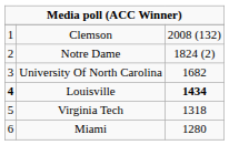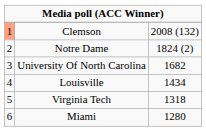 <table class="wikitable" style="display: inline-table;">
 <tr>
 <td align="center" Colspan="3"><strong>Media poll (ACC Winner)</strong></td>
 </tr>
 <tr align="center">
 </tr>
 <tr align="center">
-<td>1</td>
+<td style="background: lightsalmon;">1</td>
 <td>Clemson</td>
 <td>2008 (132)</td>
 </tr>
 <tr align="center">
 <td>2</td>
 <td>Notre Dame</td>
 <td>1824 (2)</td>
 </tr>
 <tr align="center">
 <td>3</td>
 <td>University Of North Carolina</td>
 <td>1682</td>
 </tr>
 <tr align="center">
-<td><strong>4</strong></td>
+<td>4</td>
 <td>Louisville</td>
-<td><strong>1434</strong></td>
+<td>1434</td>
 </tr>
 <tr align="center">
 <td>5</td>
 <td>Virginia Tech</td>
 <td>1318</td>
 </tr>
 <tr align="center">
 <td>6</td>
 <td>Miami</td>
 <td>1280</td>
 </tr>
 </table>
